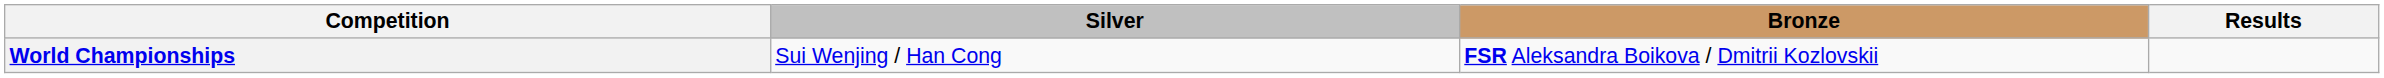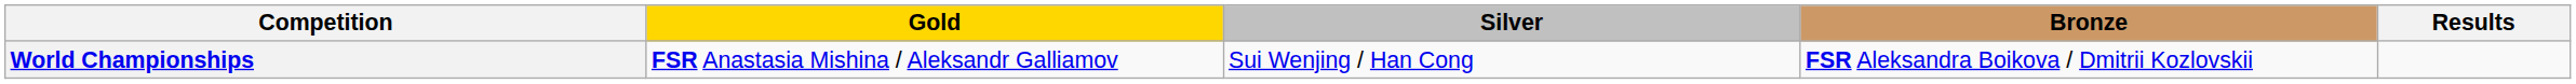 <table class="wikitable unsortable" style="text-align:left; width:90%;">
 <tr>
 <th scope="col" style="text-align:center; width:25%;">Competition</th>
+<td scope="col" style="text-align:center; width:22.5%; background:gold"><strong>Gold</strong></td>
 <td scope="col" style="text-align:center; width:22.5%; background:silver"><strong>Silver</strong></td>
 <td scope="col" style="text-align:center; width:22.5%; background:#c96"><strong>Bronze</strong></td>
 <th scope="col" style="text-align:center; width:7.5%;">Results</th>
 </tr>
 <tr>
 <th scope="row" style="text-align:left"> <a href='#'>World Championships</a></th>
+<td><strong><a href='#'>FSR</a></strong> <a href='#'>Anastasia Mishina</a> / <a href='#'>Aleksandr Galliamov</a></td>
 <td> <a href='#'>Sui Wenjing</a> / <a href='#'>Han Cong</a></td>
 <td><strong><a href='#'>FSR</a></strong> <a href='#'>Aleksandra Boikova</a> / <a href='#'>Dmitrii Kozlovskii</a></td>
 <td></td>
 </tr>
 </table>
